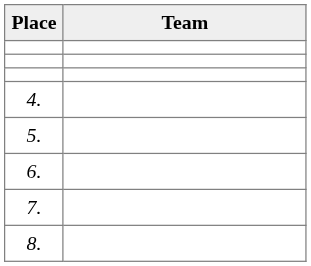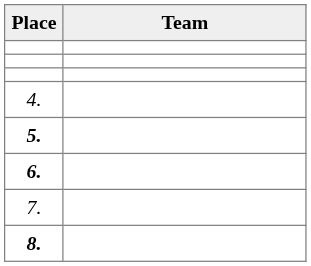 <table style=border-collapse:collapse border=1 cellspacing=0 cellpadding=5>
 <tr style="text-align:center; background:#efefef;">
 <th width=35>Place</th>
 <th width=185>Team</th>
 </tr>
 <tr align=center>
 <td></td>
 <td style="text-align:left;"></td>
 </tr>
 <tr align=center>
 <td></td>
 <td style="text-align:left;"></td>
 </tr>
 <tr align=center>
 <td></td>
 <td style="text-align:left;"></td>
 </tr>
 <tr align=center>
 <td><em>4.</em></td>
 <td style="text-align:left;"></td>
 </tr>
 <tr align=center>
-<td><em>5.</em></td>
+<td><strong><em>5.</em></strong></td>
 <td style="text-align:left;"></td>
 </tr>
 <tr align=center>
-<td><em>6.</em></td>
+<td><strong><em>6.</em></strong></td>
 <td style="text-align:left;"></td>
 </tr>
 <tr align=center>
 <td><em>7.</em></td>
 <td style="text-align:left;"></td>
 </tr>
 <tr align=center>
-<td><em>8.</em></td>
+<td><strong><em>8.</em></strong></td>
 <td style="text-align:left;"></td>
 </tr>
 </table>
